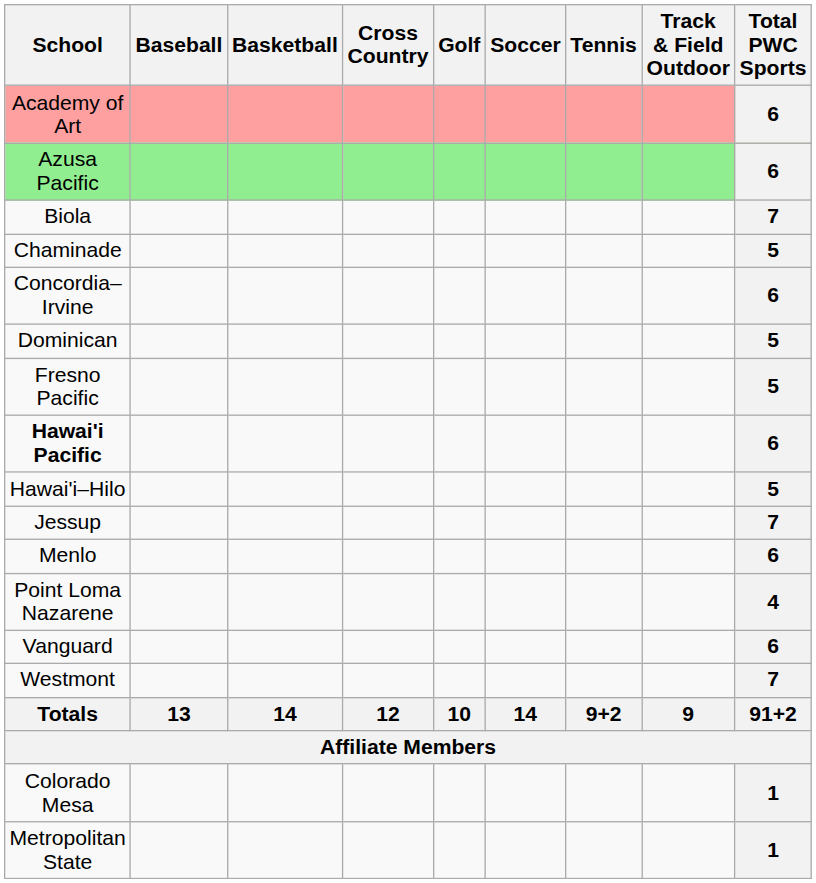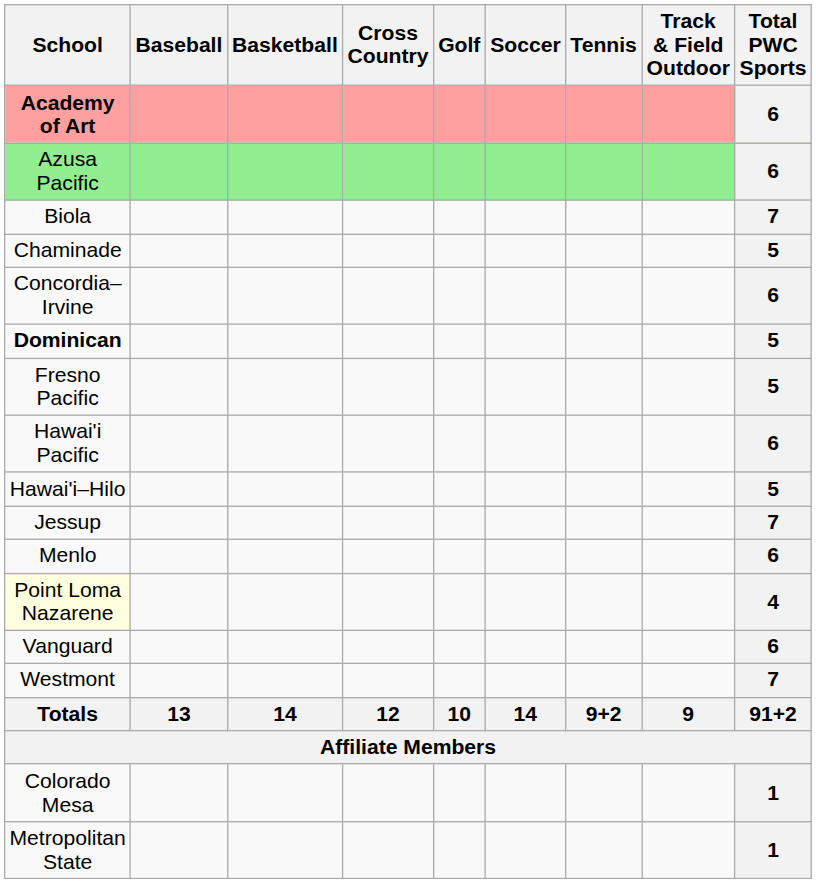 <table class="wikitable" style="text-align:center">
 <tr>
 <th>School</th>
 <th>Baseball</th>
 <th>Basketball</th>
 <th>Cross<br>Country</th>
 <th>Golf</th>
 <th>Soccer</th>
 <th>Tennis</th>
 <th>Track<br>& Field<br>Outdoor</th>
 <th>Total<br>PWC<br>Sports</th>
 </tr>
 <tr bgcolor=#ffa0a0>
-<td>Academy of Art</td>
+<td><strong>Academy of Art</strong></td>
 <td></td>
 <td></td>
 <td></td>
 <td></td>
 <td></td>
 <td></td>
 <td></td>
 <th>6</th>
 </tr>
 <tr bgcolor=#90ee90>
 <td>Azusa Pacific</td>
 <td></td>
 <td></td>
 <td></td>
 <td></td>
 <td></td>
 <td></td>
 <td></td>
 <th>6</th>
 </tr>
 <tr>
 <td>Biola</td>
 <td></td>
 <td></td>
 <td></td>
 <td></td>
 <td></td>
 <td></td>
 <td></td>
 <th>7</th>
 </tr>
 <tr>
 <td>Chaminade</td>
 <td></td>
 <td></td>
 <td></td>
 <td></td>
 <td></td>
 <td></td>
 <td></td>
 <th>5</th>
 </tr>
 <tr>
 <td>Concordia–Irvine</td>
 <td></td>
 <td></td>
 <td></td>
 <td></td>
 <td></td>
 <td></td>
 <td></td>
 <th>6</th>
 </tr>
 <tr>
-<td>Dominican</td>
+<td><strong>Dominican</strong></td>
 <td></td>
 <td></td>
 <td></td>
 <td></td>
 <td></td>
 <td></td>
 <td></td>
 <th>5</th>
 </tr>
 <tr>
 <td>Fresno Pacific</td>
 <td></td>
 <td></td>
 <td></td>
 <td></td>
 <td></td>
 <td></td>
 <td></td>
 <th>5</th>
 </tr>
 <tr>
-<td><strong>Hawai'i Pacific</strong></td>
+<td>Hawai'i Pacific</td>
 <td></td>
 <td></td>
 <td></td>
 <td></td>
 <td></td>
 <td></td>
 <td></td>
 <th>6</th>
 </tr>
 <tr>
 <td>Hawai'i–Hilo</td>
 <td></td>
 <td></td>
 <td></td>
 <td></td>
 <td></td>
 <td></td>
 <td></td>
 <th>5</th>
 </tr>
 <tr>
 <td>Jessup</td>
 <td></td>
 <td></td>
 <td></td>
 <td></td>
 <td></td>
 <td></td>
 <td></td>
 <th>7</th>
 </tr>
 <tr>
 <td>Menlo</td>
 <td></td>
 <td></td>
 <td></td>
 <td></td>
 <td></td>
 <td></td>
 <td></td>
 <th>6</th>
 </tr>
 <tr>
-<td>Point Loma Nazarene</td>
+<td style="background: lightyellow;">Point Loma Nazarene</td>
 <td></td>
 <td></td>
 <td></td>
 <td></td>
 <td></td>
 <td></td>
 <td></td>
 <th>4</th>
 </tr>
 <tr>
 <td>Vanguard</td>
 <td></td>
 <td></td>
 <td></td>
 <td></td>
 <td></td>
 <td></td>
 <td></td>
 <th>6</th>
 </tr>
 <tr>
 <td>Westmont</td>
 <td></td>
 <td></td>
 <td></td>
 <td></td>
 <td></td>
 <td></td>
 <td></td>
 <th>7</th>
 </tr>
 <tr>
 <th>Totals</th>
 <th>13</th>
 <th>14</th>
 <th>12</th>
 <th>10</th>
 <th>14</th>
 <th>9+2</th>
 <th>9</th>
 <th>91+2</th>
 </tr>
 <tr>
 <th colspan=9>Affiliate Members</th>
 </tr>
 <tr>
 <td>Colorado Mesa</td>
 <td></td>
 <td></td>
 <td></td>
 <td></td>
 <td></td>
 <td></td>
 <td></td>
 <th>1</th>
 </tr>
 <tr>
 <td>Metropolitan State</td>
 <td></td>
 <td></td>
 <td></td>
 <td></td>
 <td></td>
 <td></td>
 <td></td>
 <th>1</th>
 </tr>
 </table>
